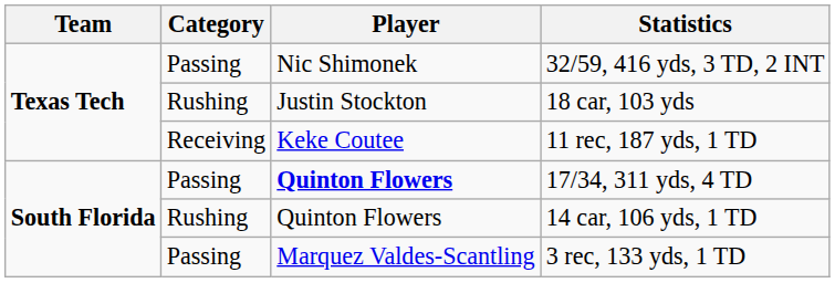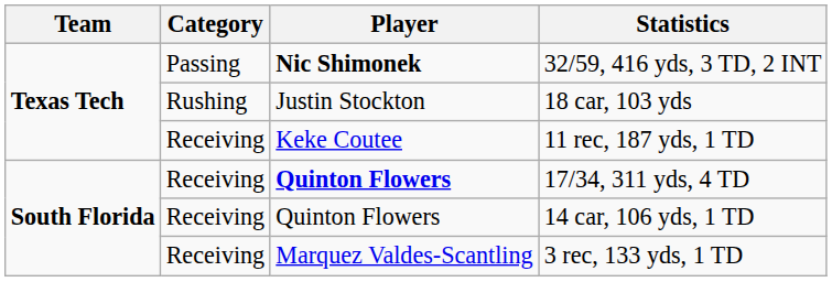 <table class="wikitable">
 <tr>
 <th>Team</th>
 <th>Category</th>
 <th>Player</th>
 <th>Statistics</th>
 </tr>
 <tr>
 <td rowspan=3><strong>Texas Tech</strong></td>
 <td>Passing</td>
-<td>Nic Shimonek</td>
+<td><strong>Nic Shimonek</strong></td>
 <td>32/59, 416 yds, 3 TD, 2 INT</td>
 </tr>
 <tr>
 <td>Rushing</td>
 <td>Justin Stockton</td>
 <td>18 car, 103 yds</td>
 </tr>
 <tr>
 <td>Receiving</td>
 <td><a href='#'>Keke Coutee</a></td>
 <td>11 rec, 187 yds, 1 TD</td>
 </tr>
 <tr>
 <td rowspan=3><strong>South Florida</strong></td>
-<td>Passing</td>
+<td>Receiving</td>
 <td><strong><a href='#'>Quinton Flowers</a></strong></td>
 <td>17/34, 311 yds, 4 TD</td>
 </tr>
 <tr>
-<td>Rushing</td>
+<td>Receiving</td>
 <td>Quinton Flowers</td>
 <td>14 car, 106 yds, 1 TD</td>
 </tr>
 <tr>
-<td>Passing</td>
+<td>Receiving</td>
 <td><a href='#'>Marquez Valdes-Scantling</a></td>
 <td>3 rec, 133 yds, 1 TD</td>
 </tr>
 </table>
